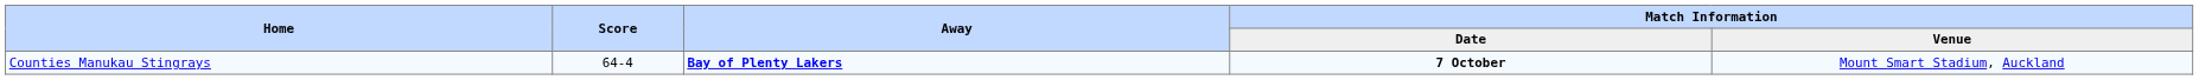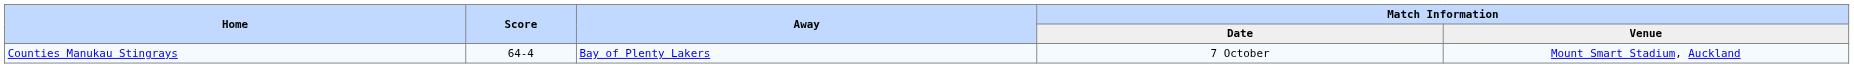 <table border=1 style="border-collapse:collapse; font-size:90%; text-align:center;" cellpadding=3 cellspacing=0 width=100%>
 <tr bgcolor=#C1D8FF>
 <th rowspan=2 width=25%>Home</th>
 <th rowspan=2 width=6%>Score</th>
 <th rowspan=2 width=25%>Away</th>
 <th colspan=6>Match Information</th>
 </tr>
 <tr bgcolor=#EFEFEF>
 <th width=22%>Date</th>
 <th width=22%>Venue</th>
 </tr>
 <tr bgcolor=#F5FAFF>
 <td align=left><a href='#'>Counties Manukau Stingrays</a></td>
 <td>64-4</td>
-<td align=left><strong><a href='#'>Bay of Plenty Lakers</a></strong></td>
-<td><strong>7 October</strong></td>
+<td align=left><a href='#'>Bay of Plenty Lakers</a></td>
+<td>7 October</td>
 <td><a href='#'>Mount Smart Stadium</a>, <a href='#'>Auckland</a></td>
 </tr>
 </table>
